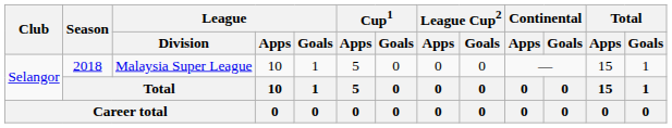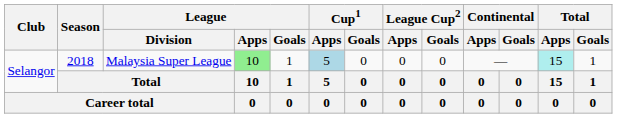 <table class="wikitable" style="text-align:center;">
 <tr>
 <th rowspan="2">Club</th>
 <th rowspan="2">Season</th>
 <th colspan="3">League</th>
 <th colspan="2">Cup<sup>1</sup></th>
 <th colspan="2">League Cup<sup>2</sup></th>
 <th colspan=2>Continental</th>
 <th colspan=2>Total</th>
 </tr>
 <tr>
 <th>Division</th>
 <th>Apps</th>
 <th>Goals</th>
 <th>Apps</th>
 <th>Goals</th>
 <th>Apps</th>
 <th>Goals</th>
 <th>Apps</th>
 <th>Goals</th>
 <th>Apps</th>
 <th>Goals</th>
 </tr>
 <tr>
 <td rowspan="2"><a href='#'>Selangor</a></td>
 <td><a href='#'>2018</a></td>
 <td><a href='#'>Malaysia Super League</a></td>
-<td>10</td>
+<td style="background: lightgreen;">10</td>
 <td>1</td>
-<td>5</td>
+<td style="background: lightblue;">5</td>
 <td>0</td>
 <td>0</td>
 <td>0</td>
 <td colspan=2>—</td>
-<td>15</td>
+<td style="background: paleturquoise;">15</td>
 <td>1</td>
 </tr>
 <tr>
 <th colspan=2>Total</th>
 <th>10</th>
 <th>1</th>
 <th>5</th>
 <th>0</th>
 <th>0</th>
 <th>0</th>
 <th>0</th>
 <th>0</th>
 <th>15</th>
 <th>1</th>
 </tr>
 <tr>
 <th colspan="3">Career total</th>
 <th>0</th>
 <th>0</th>
 <th>0</th>
 <th>0</th>
 <th>0</th>
 <th>0</th>
 <th>0</th>
 <th>0</th>
 <th>0</th>
 <th>0</th>
 </tr>
 </table>
